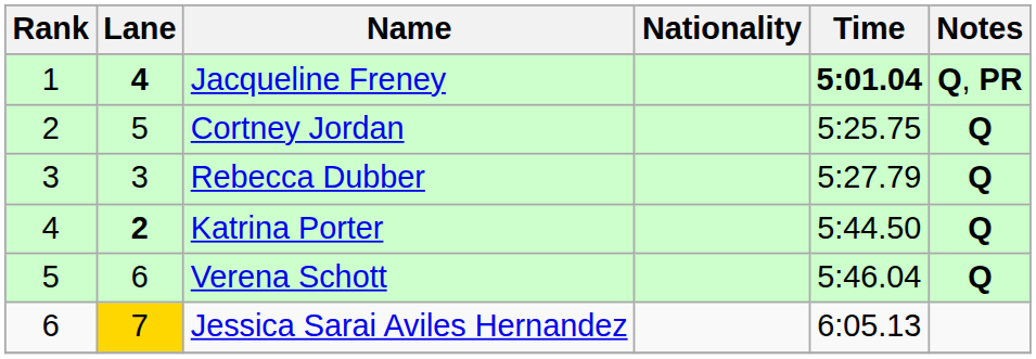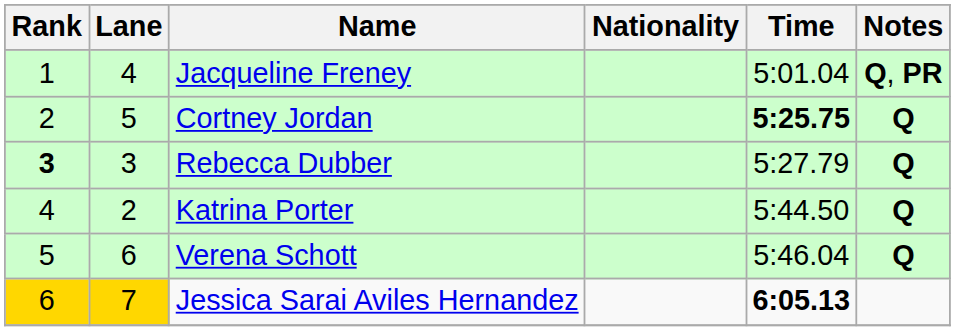 <table class="wikitable">
 <tr>
 <th>Rank</th>
 <th>Lane</th>
 <th>Name</th>
 <th>Nationality</th>
 <th>Time</th>
 <th>Notes</th>
 </tr>
 <tr bgcolor=ccffcc>
 <td align=center>1</td>
-<td align=center><strong>4</strong></td>
+<td align=center>4</td>
 <td><a href='#'>Jacqueline Freney</a></td>
 <td></td>
-<td align=center><strong>5:01.04</strong></td>
+<td align=center>5:01.04</td>
 <td align=center><strong>Q</strong>, <strong>PR</strong></td>
 </tr>
 <tr bgcolor=ccffcc>
 <td align=center>2</td>
 <td align=center>5</td>
 <td><a href='#'>Cortney Jordan</a></td>
 <td></td>
-<td align=center>5:25.75</td>
+<td align=center><strong>5:25.75</strong></td>
 <td align=center><strong>Q</strong></td>
 </tr>
 <tr bgcolor=ccffcc>
-<td align=center>3</td>
+<td align=center><strong>3</strong></td>
 <td align=center>3</td>
 <td><a href='#'>Rebecca Dubber</a></td>
 <td></td>
 <td align=center>5:27.79</td>
 <td align=center><strong>Q</strong></td>
 </tr>
 <tr bgcolor=ccffcc>
 <td align=center>4</td>
-<td align=center><strong>2</strong></td>
+<td align=center>2</td>
 <td><a href='#'>Katrina Porter</a></td>
 <td></td>
 <td align=center>5:44.50</td>
 <td align=center><strong>Q</strong></td>
 </tr>
 <tr bgcolor=ccffcc>
 <td align=center>5</td>
 <td align=center>6</td>
 <td><a href='#'>Verena Schott</a></td>
 <td></td>
 <td align=center>5:46.04</td>
 <td align=center><strong>Q</strong></td>
 </tr>
 <tr>
-<td align=center>6</td>
+<td align=center style="background: gold;">6</td>
 <td align=center style="background: gold;">7</td>
 <td><a href='#'>Jessica Sarai Aviles Hernandez</a></td>
 <td></td>
-<td align=center>6:05.13</td>
+<td align=center><strong>6:05.13</strong></td>
 <td align=center></td>
 </tr>
 <tr>
 </tr>
 </table>
